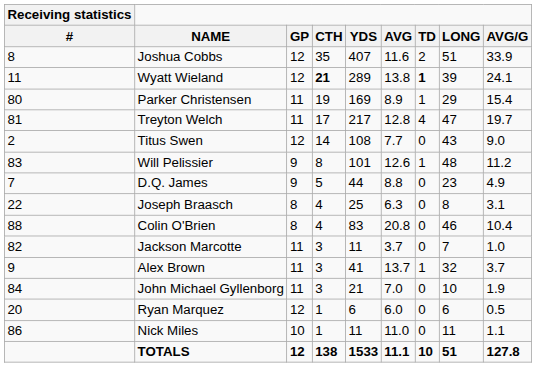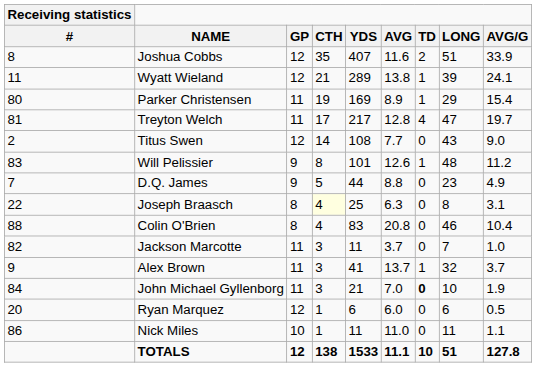 <table class="wikitable collapsible">
 <tr>
 <th style="text-align:center; ">Receiving statistics</th>
 </tr>
 <tr>
 <th>#</th>
 <th>NAME</th>
 <th>GP</th>
 <th>CTH</th>
 <th>YDS</th>
 <th>AVG</th>
 <th>TD</th>
 <th>LONG</th>
 <th>AVG/G</th>
 </tr>
 <tr>
 <td>8</td>
 <td>Joshua Cobbs</td>
 <td>12</td>
 <td>35</td>
 <td>407</td>
 <td>11.6</td>
 <td>2</td>
 <td>51</td>
 <td>33.9</td>
 </tr>
 <tr>
 <td>11</td>
 <td>Wyatt Wieland</td>
 <td>12</td>
-<td><strong>21</strong></td>
+<td>21</td>
 <td>289</td>
 <td>13.8</td>
-<td><strong>1</strong></td>
+<td>1</td>
 <td>39</td>
 <td>24.1</td>
 </tr>
 <tr>
 <td>80</td>
 <td>Parker Christensen</td>
 <td>11</td>
 <td>19</td>
 <td>169</td>
 <td>8.9</td>
 <td>1</td>
 <td>29</td>
 <td>15.4</td>
 </tr>
 <tr>
 <td>81</td>
 <td>Treyton Welch</td>
 <td>11</td>
 <td>17</td>
 <td>217</td>
 <td>12.8</td>
 <td>4</td>
 <td>47</td>
 <td>19.7</td>
 </tr>
 <tr>
 <td>2</td>
 <td>Titus Swen</td>
 <td>12</td>
 <td>14</td>
 <td>108</td>
 <td>7.7</td>
 <td>0</td>
 <td>43</td>
 <td>9.0</td>
 </tr>
 <tr>
 <td>83</td>
 <td>Will Pelissier</td>
 <td>9</td>
 <td>8</td>
 <td>101</td>
 <td>12.6</td>
 <td>1</td>
 <td>48</td>
 <td>11.2</td>
 </tr>
 <tr>
 <td>7</td>
 <td>D.Q. James</td>
 <td>9</td>
 <td>5</td>
 <td>44</td>
 <td>8.8</td>
 <td>0</td>
 <td>23</td>
 <td>4.9</td>
 </tr>
 <tr>
 <td>22</td>
 <td>Joseph Braasch</td>
 <td>8</td>
-<td>4</td>
+<td style="background: lightyellow;">4</td>
 <td>25</td>
 <td>6.3</td>
 <td>0</td>
 <td>8</td>
 <td>3.1</td>
 </tr>
 <tr>
 <td>88</td>
 <td>Colin O'Brien</td>
 <td>8</td>
 <td>4</td>
 <td>83</td>
 <td>20.8</td>
 <td>0</td>
 <td>46</td>
 <td>10.4</td>
 </tr>
 <tr>
 <td>82</td>
 <td>Jackson Marcotte</td>
 <td>11</td>
 <td>3</td>
 <td>11</td>
 <td>3.7</td>
 <td>0</td>
 <td>7</td>
 <td>1.0</td>
 </tr>
 <tr>
 <td>9</td>
 <td>Alex Brown</td>
 <td>11</td>
 <td>3</td>
 <td>41</td>
 <td>13.7</td>
 <td>1</td>
 <td>32</td>
 <td>3.7</td>
 </tr>
 <tr>
 <td>84</td>
 <td>John Michael Gyllenborg</td>
 <td>11</td>
 <td>3</td>
 <td>21</td>
 <td>7.0</td>
-<td>0</td>
+<td><strong>0</strong></td>
 <td>10</td>
 <td>1.9</td>
 </tr>
 <tr>
 <td>20</td>
 <td>Ryan Marquez</td>
 <td>12</td>
 <td>1</td>
 <td>6</td>
 <td>6.0</td>
 <td>0</td>
 <td>6</td>
 <td>0.5</td>
 </tr>
 <tr>
 <td>86</td>
 <td>Nick Miles</td>
 <td>10</td>
 <td>1</td>
 <td>11</td>
 <td>11.0</td>
 <td>0</td>
 <td>11</td>
 <td>1.1</td>
 </tr>
 <tr>
 <td></td>
 <td><strong>TOTALS</strong></td>
 <td><strong>12</strong></td>
 <td><strong>138</strong></td>
 <td><strong>1533</strong></td>
 <td><strong>11.1</strong></td>
 <td><strong>10</strong></td>
 <td><strong>51</strong></td>
 <td><strong>127.8</strong></td>
 </tr>
 </table>
